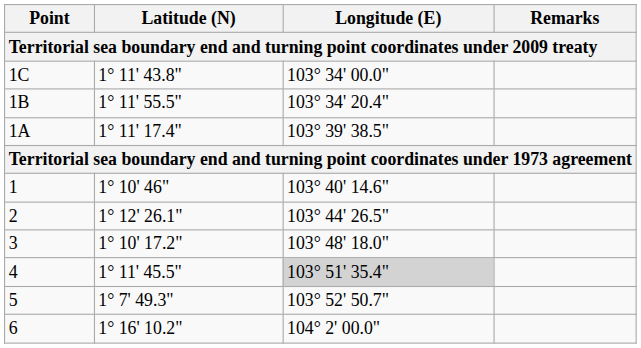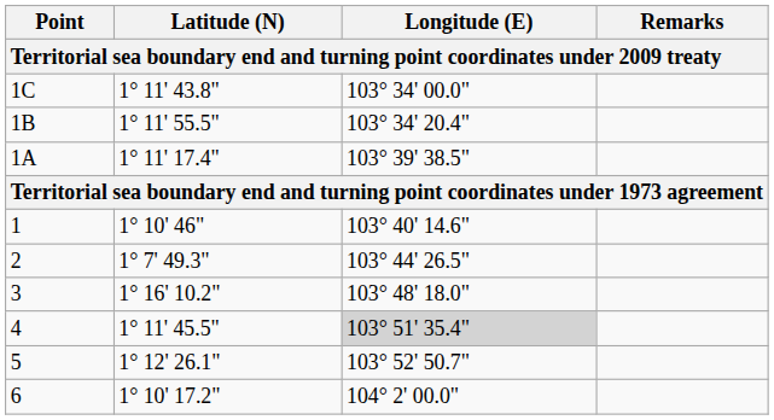 <table class="wikitable">
 <tr>
 <th>Point</th>
 <th>Latitude (N)</th>
 <th>Longitude (E)</th>
 <th>Remarks</th>
 </tr>
 <tr>
 <th colspan="5" style="text-align:left">Territorial sea boundary end and turning point coordinates under 2009 treaty</th>
 </tr>
 <tr>
 <td>1C</td>
 <td>1° 11' 43.8"</td>
 <td>103° 34' 00.0"</td>
 <td></td>
 </tr>
 <tr>
 <td>1B</td>
 <td>1° 11' 55.5"</td>
 <td>103° 34' 20.4"</td>
 <td></td>
 </tr>
 <tr>
 <td>1A</td>
 <td>1° 11' 17.4"</td>
 <td>103° 39' 38.5"</td>
 <td></td>
 </tr>
 <tr>
 <th colspan="5" style="text-align:left">Territorial sea boundary end and turning point coordinates under 1973 agreement</th>
 </tr>
 <tr>
 <td>1</td>
 <td>1° 10' 46"</td>
 <td>103° 40' 14.6"</td>
 <td></td>
 </tr>
 <tr>
 <td>2</td>
-<td>1° 12' 26.1"</td>
+<td>1° 7' 49.3"</td>
 <td>103° 44' 26.5"</td>
 <td></td>
 </tr>
 <tr>
 <td>3</td>
-<td>1° 10' 17.2"</td>
+<td>1° 16' 10.2"</td>
 <td>103° 48' 18.0"</td>
 <td></td>
 </tr>
 <tr>
 <td>4</td>
 <td>1° 11' 45.5"</td>
 <td style="background: lightgrey;">103° 51' 35.4"</td>
 <td></td>
 </tr>
 <tr>
 <td>5</td>
-<td>1° 7' 49.3"</td>
+<td>1° 12' 26.1"</td>
 <td>103° 52' 50.7"</td>
 <td></td>
 </tr>
 <tr>
 <td>6</td>
-<td>1° 16' 10.2"</td>
+<td>1° 10' 17.2"</td>
 <td>104° 2' 00.0"</td>
 <td></td>
 </tr>
 </table>
